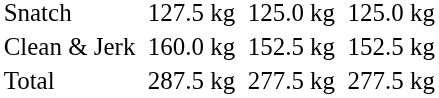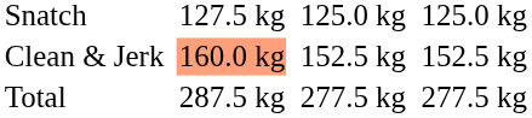 <table>
 <tr>
 <td>Snatch</td>
 <td></td>
 <td>127.5 kg</td>
 <td></td>
 <td>125.0 kg</td>
 <td></td>
 <td>125.0 kg</td>
 </tr>
 <tr>
 <td>Clean & Jerk</td>
 <td></td>
-<td>160.0 kg</td>
+<td style="background: lightsalmon;">160.0 kg</td>
 <td></td>
 <td>152.5 kg</td>
 <td></td>
 <td>152.5 kg</td>
 </tr>
 <tr>
 <td>Total</td>
 <td></td>
 <td>287.5 kg</td>
 <td></td>
 <td>277.5 kg</td>
 <td></td>
 <td>277.5 kg</td>
 </tr>
 </table>
